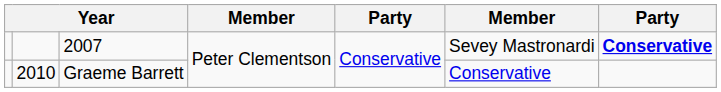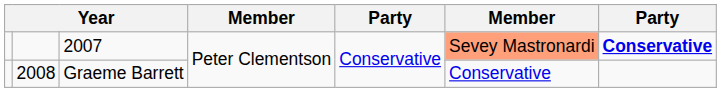 <table class="wikitable">
 <tr>
 <th colspan="3">Year</th>
 <th>Member</th>
 <th>Party</th>
 <th>Member</th>
 <th>Party</th>
 </tr>
 <tr>
 <td style="background-color: "></td>
 <td style="background-color: "></td>
 <td>2007</td>
 <td rowspan="2">Peter Clementson</td>
 <td rowspan="2"><a href='#'>Conservative</a></td>
-<td>Sevey Mastronardi</td>
+<td style="background: lightsalmon;">Sevey Mastronardi</td>
 <td><strong><a href='#'>Conservative</a></strong></td>
 </tr>
 <tr>
 <td style="background-color: "></td>
-<td>2010</td>
+<td>2008</td>
 <td>Graeme Barrett</td>
 <td><a href='#'>Conservative</a></td>
 </tr>
 </table>
